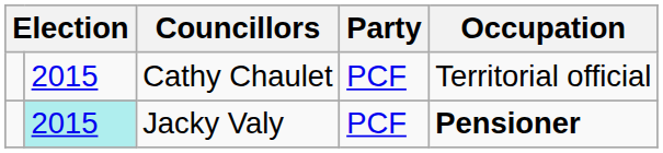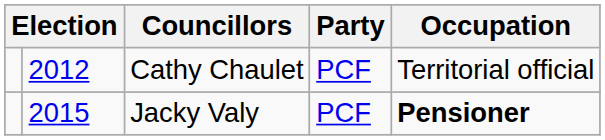 <table class="wikitable">
 <tr>
 <th colspan="2">Election</th>
 <th>Councillors</th>
 <th>Party</th>
 <th>Occupation</th>
 </tr>
 <tr>
 <td style="background-color: "></td>
-<td><a href='#'>2015</a></td>
+<td><a href='#'>2012</a></td>
 <td>Cathy Chaulet</td>
 <td><a href='#'>PCF</a></td>
 <td>Territorial official</td>
 </tr>
 <tr>
 <td style="background-color: "></td>
-<td style="background: paleturquoise;"><a href='#'>2015</a></td>
+<td><a href='#'>2015</a></td>
 <td>Jacky Valy</td>
 <td><a href='#'>PCF</a></td>
 <td><strong>Pensioner</strong></td>
 </tr>
 </table>
